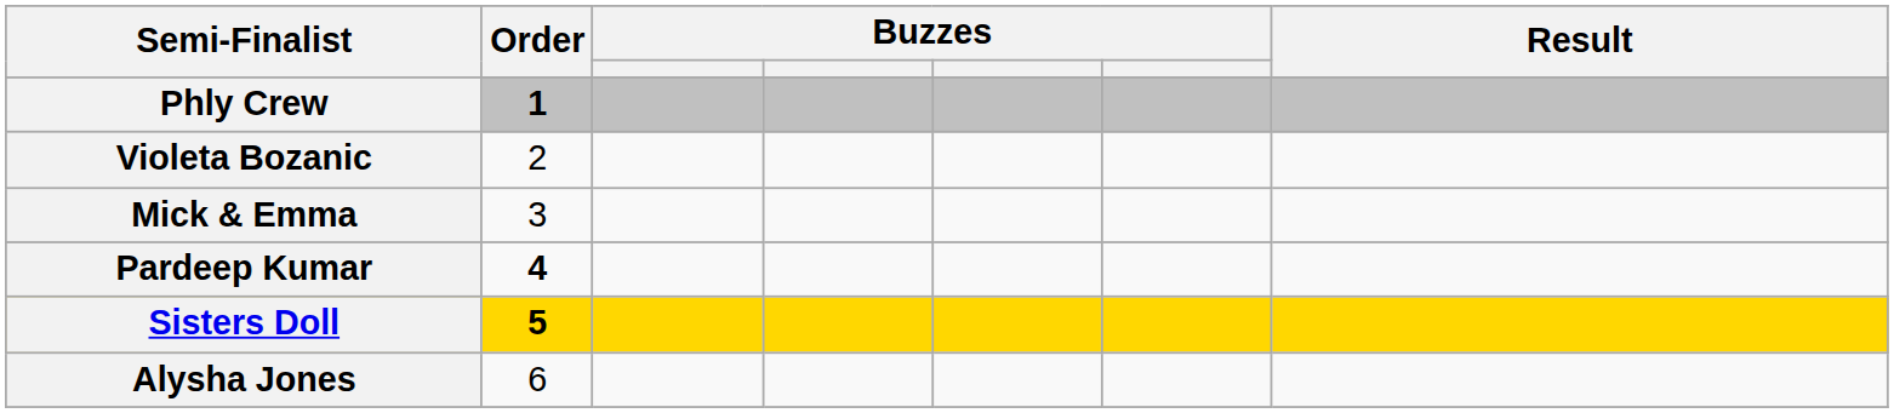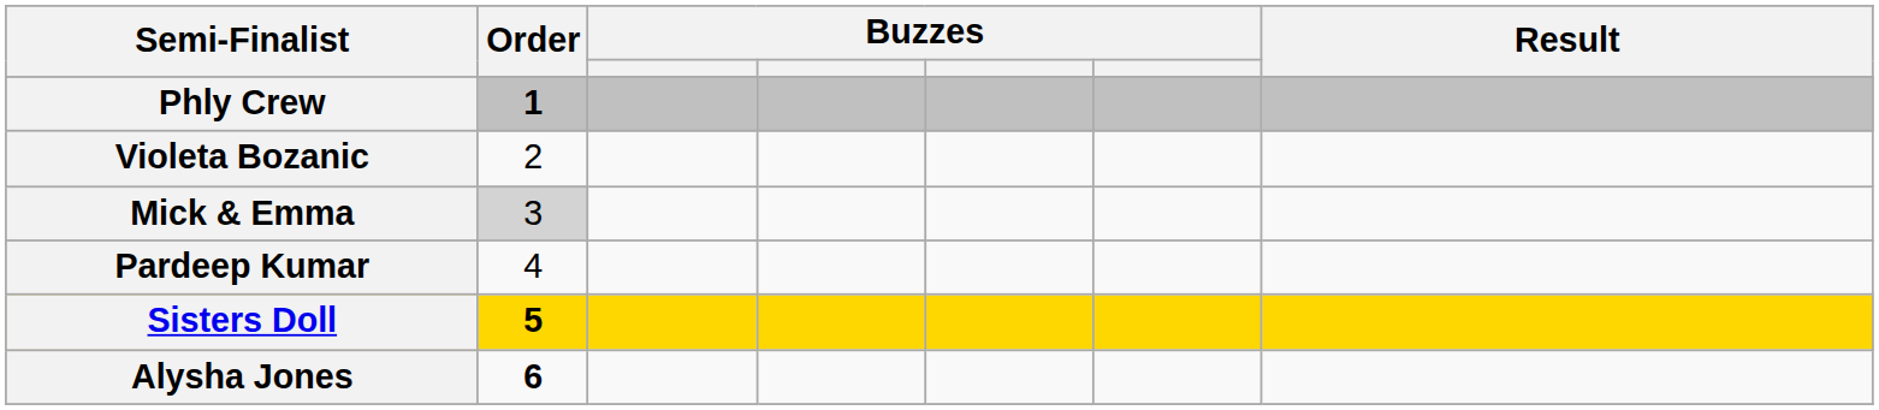 <table class="wikitable plainrowheaders sortable" style="text-align:center;">
 <tr>
 <th scope="col" rowspan="2" class="unsortable" style="width:17em;">Semi-Finalist</th>
 <th scope="col" rowspan="2" style="width:1em;">Order</th>
 <th scope="col" colspan="4" class="unsortable" style="width:24em;">Buzzes</th>
 <th scope="col" rowspan="2" style="width:23em;">Result</th>
 </tr>
 <tr>
 <th scope="col" class="unsortable" style="width:6em;"></th>
 <th scope="col" class="unsortable" style="width:6em;"></th>
 <th scope="col" class="unsortable" style="width:6em;"></th>
 <th scope="col" class="unsortable" style="width:6em;"></th>
 </tr>
 <tr bgcolor=silver>
 <th scope="row"><strong>Phly Crew</strong></th>
 <td><strong>1</strong></td>
 <td style="text-align:center;"></td>
 <td style="text-align:center;"></td>
 <td style="text-align:center;"></td>
 <td style="text-align:center;"></td>
 <td><strong></strong></td>
 </tr>
 <tr>
 <th scope="row">Violeta Bozanic</th>
 <td>2</td>
 <td style="text-align:center;"></td>
 <td style="text-align:center;"></td>
 <td style="text-align:center;"></td>
 <td style="text-align:center;"></td>
 <td></td>
 </tr>
 <tr>
 <th scope="row">Mick & Emma</th>
-<td>3</td>
+<td style="background: lightgrey;">3</td>
 <td style="text-align:center;"></td>
 <td style="text-align:center;"></td>
 <td style="text-align:center;"></td>
 <td style="text-align:center;"></td>
 <td></td>
 </tr>
 <tr>
 <th scope="row">Pardeep Kumar</th>
-<td><strong>4</strong></td>
+<td>4</td>
 <td style="text-align:center;"></td>
 <td style="text-align:center;"></td>
 <td style="text-align:center;"></td>
 <td style="text-align:center;"></td>
 <td></td>
 </tr>
 <tr bgcolor=gold>
 <th scope="row"><strong><a href='#'>Sisters Doll</a></strong></th>
 <td><strong>5</strong></td>
 <td style="text-align:center;"></td>
 <td style="text-align:center;"></td>
 <td style="text-align:center;"></td>
 <td style="text-align:center;"></td>
 <td><strong></strong></td>
 </tr>
 <tr>
 <th scope="row">Alysha Jones</th>
-<td>6</td>
+<td><strong>6</strong></td>
 <td style="text-align:center;"></td>
 <td style="text-align:center;"></td>
 <td style="text-align:center;"></td>
 <td style="text-align:center;"></td>
 <td></td>
 </tr>
 </table>
